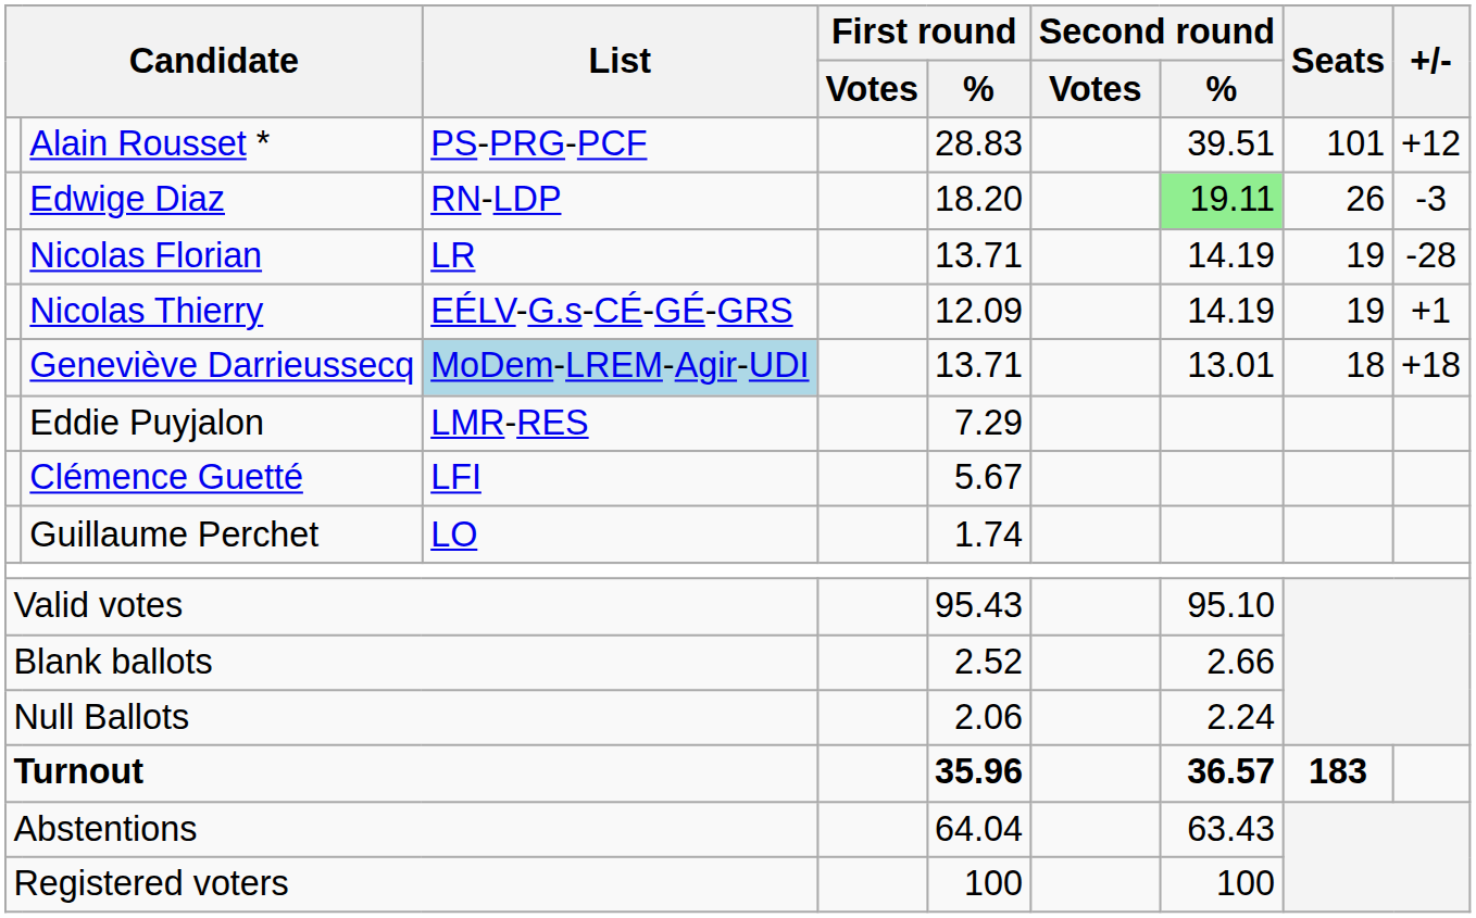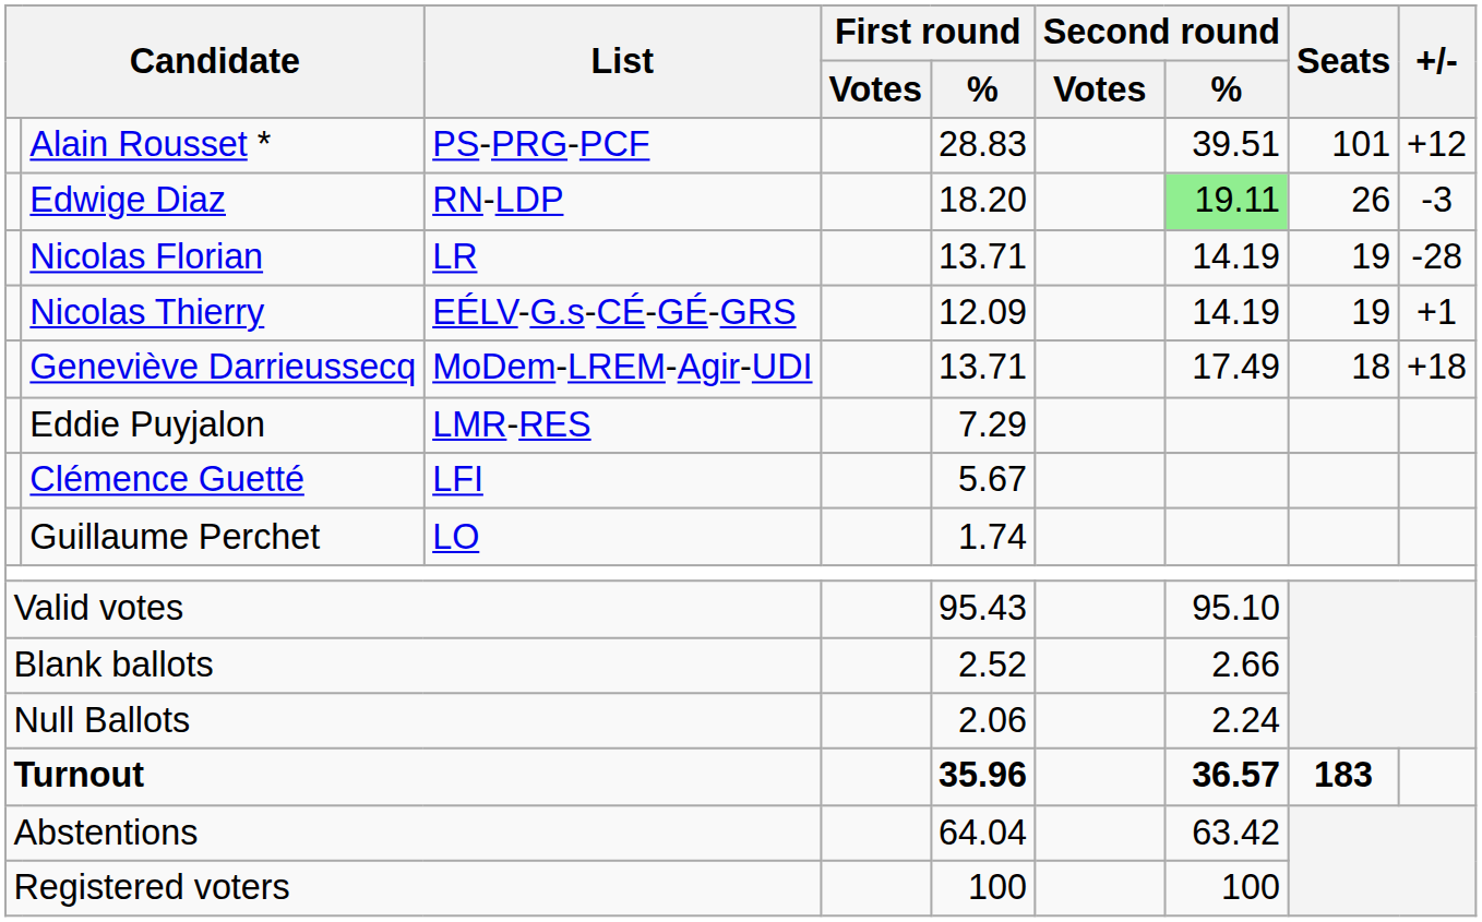 <table class="wikitable centre" style="text-align:right;">
 <tr>
 <th rowspan=2 colspan=2 scope=col>Candidate</th>
 <th rowspan=2 scope=col>List</th>
 <th colspan=2 scope=col>First round</th>
 <th colspan=2 scope=col>Second round</th>
 <th rowspan=2 scope=col>Seats</th>
 <th rowspan=2 scope=col>+/-</th>
 </tr>
 <tr>
 <th scope=col>Votes</th>
 <th scope=col>%</th>
 <th scope=col>Votes</th>
 <th scope=col>%</th>
 </tr>
 <tr>
 <td style="color:inherit;background:"></td>
 <td align="left"><a href='#'>Alain Rousset</a> *</td>
 <td align="left"><a href='#'>PS</a>-<a href='#'>PRG</a>-<a href='#'>PCF</a></td>
 <td></td>
 <td>28.83</td>
 <td></td>
 <td>39.51</td>
 <td>101</td>
 <td align="center">+12</td>
 </tr>
 <tr>
 <td style="color:inherit;background:"></td>
 <td align="left"><a href='#'>Edwige Diaz</a></td>
 <td align="left"><a href='#'>RN</a>-<a href='#'>LDP</a></td>
 <td></td>
 <td>18.20</td>
 <td></td>
 <td style="background: lightgreen;">19.11</td>
 <td>26</td>
 <td align="center">-3</td>
 </tr>
 <tr>
 <td style="color:inherit;background:"></td>
 <td align="left"><a href='#'>Nicolas Florian</a></td>
 <td align="left"><a href='#'>LR</a></td>
 <td></td>
 <td>13.71</td>
 <td></td>
 <td>14.19</td>
 <td>19</td>
 <td align="center">-28</td>
 </tr>
 <tr>
 <td style="color:inherit;background:"></td>
 <td align="left"><a href='#'>Nicolas Thierry</a></td>
 <td align="left"><a href='#'>EÉLV</a>-<a href='#'>G.s</a>-<a href='#'>CÉ</a>-<a href='#'>GÉ</a>-<a href='#'>GRS</a></td>
 <td></td>
 <td>12.09</td>
 <td></td>
 <td>14.19</td>
 <td>19</td>
 <td align="center">+1</td>
 </tr>
 <tr>
 <td style="color:inherit;background:"></td>
 <td align="left"><a href='#'>Geneviève Darrieussecq</a></td>
-<td align="left" style="background: lightblue;"><a href='#'>MoDem</a>-<a href='#'>LREM</a>-<a href='#'>Agir</a>-<a href='#'>UDI</a></td>
+<td align="left"><a href='#'>MoDem</a>-<a href='#'>LREM</a>-<a href='#'>Agir</a>-<a href='#'>UDI</a></td>
 <td></td>
 <td>13.71</td>
 <td></td>
-<td>13.01</td>
+<td>17.49</td>
 <td>18</td>
 <td align="center">+18</td>
 </tr>
 <tr>
 <td style="color:inherit;background:"></td>
 <td align="left">Eddie Puyjalon</td>
 <td align="left"><a href='#'>LMR</a>-<a href='#'>RES</a></td>
 <td></td>
 <td>7.29</td>
 <td></td>
 <td></td>
 <td></td>
 <td align="center"></td>
 </tr>
 <tr>
 <td style="color:inherit;background:"></td>
 <td align="left"><a href='#'>Clémence Guetté</a></td>
 <td align="left"><a href='#'>LFI</a></td>
 <td></td>
 <td>5.67</td>
 <td></td>
 <td></td>
 <td></td>
 <td align="center"></td>
 </tr>
 <tr>
 <td style="color:inherit;background:"></td>
 <td align="left">Guillaume Perchet</td>
 <td align="left"><a href='#'>LO</a></td>
 <td></td>
 <td>1.74</td>
 <td></td>
 <td></td>
 <td></td>
 <td align="center"></td>
 </tr>
 <tr style="background:white;">
 <td colspan=9></td>
 </tr>
 <tr>
 <td colspan=3 style="text-align:left;">Valid votes</td>
 <td></td>
 <td>95.43</td>
 <td></td>
 <td>95.10</td>
 <td colspan="2" rowspan="3" bgcolor=#F4F4F4></td>
 </tr>
 <tr>
 <td colspan=3 style="text-align:left;">Blank ballots</td>
 <td></td>
 <td>2.52</td>
 <td></td>
 <td>2.66</td>
 </tr>
 <tr>
 <td colspan=3 style="text-align:left;">Null Ballots</td>
 <td></td>
 <td>2.06</td>
 <td></td>
 <td>2.24</td>
 </tr>
 <tr style="font-weight:bold;">
 <td colspan=3 style="text-align:left;">Turnout</td>
 <td></td>
 <td>35.96</td>
 <td></td>
 <td>36.57</td>
 <td align=center>183</td>
 <td align=center></td>
 </tr>
 <tr>
 <td colspan=3 style="text-align:left;">Abstentions</td>
 <td></td>
 <td>64.04</td>
 <td></td>
-<td>63.43</td>
+<td>63.42</td>
 <td colspan="2" rowspan="2" bgcolor=#F4F4F4></td>
 </tr>
 <tr>
 <td colspan=3 style="text-align:left;">Registered voters</td>
 <td></td>
 <td>100</td>
 <td></td>
 <td>100</td>
 </tr>
 </table>
